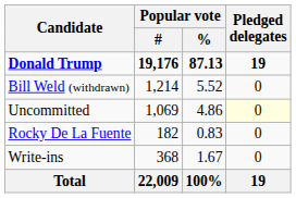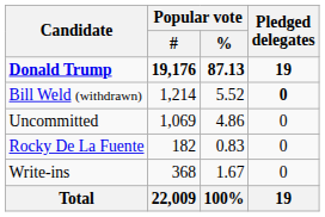 <table class="wikitable sortable" style="text-align:right;">
 <tr>
 <th rowspan="2">Candidate</th>
 <th colspan="2">Popular vote</th>
 <th rowspan="2">Pledged<br>delegates</th>
 </tr>
 <tr>
 <th>#</th>
 <th>%</th>
 </tr>
 <tr>
 <td style="text-align:left;"><strong><a href='#'>Donald Trump</a></strong></td>
 <td><strong>19,176</strong></td>
 <td><strong>87.13</strong></td>
 <td style="text-align:center;"><strong>19</strong></td>
 </tr>
 <tr>
 <td style="text-align:left;"><a href='#'>Bill Weld</a> <small>(withdrawn)</small></td>
 <td>1,214</td>
 <td>5.52</td>
-<td style="text-align:center;">0</td>
+<td style="text-align:center;"><strong>0</strong></td>
 </tr>
 <tr>
 <td style="text-align:left;">Uncommitted</td>
 <td>1,069</td>
 <td>4.86</td>
-<td style="background: lightyellow; text-align:center;">0</td>
+<td style="text-align:center;">0</td>
 </tr>
 <tr>
 <td style="text-align:left;"><a href='#'>Rocky De La Fuente</a></td>
 <td>182</td>
 <td>0.83</td>
 <td style="text-align:center;">0</td>
 </tr>
 <tr>
 <td style="text-align:left;">Write-ins</td>
 <td>368</td>
 <td>1.67</td>
 <td style="text-align:center;">0</td>
 </tr>
 <tr>
 <th>Total</th>
 <th>22,009</th>
 <th>100%</th>
 <th>19</th>
 </tr>
 </table>
